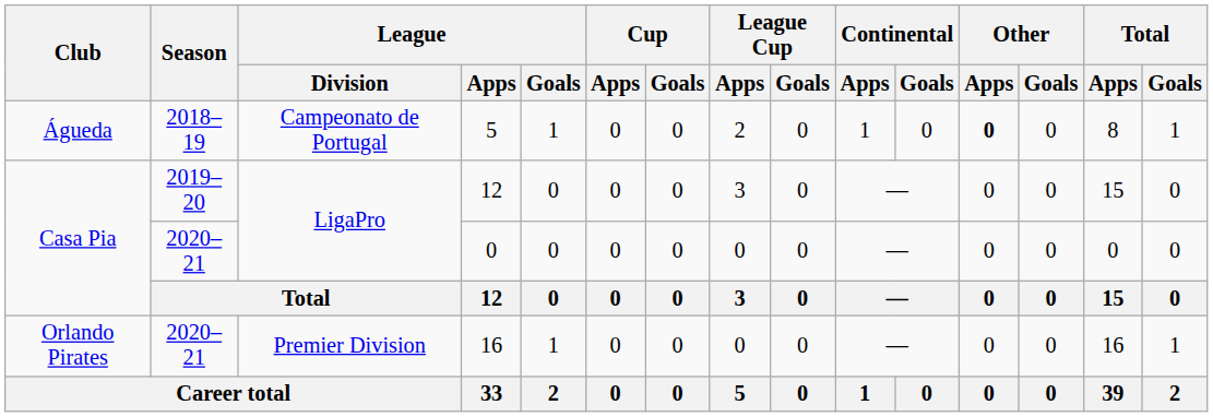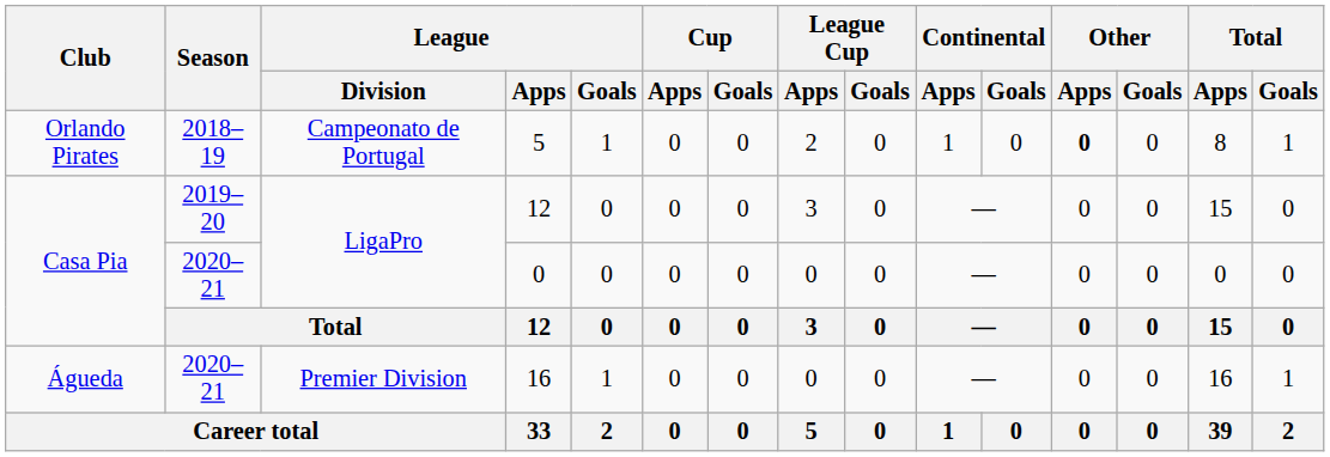 <table class="wikitable" style="text-align:center">
 <tr>
 <th rowspan="2">Club</th>
 <th rowspan="2">Season</th>
 <th colspan="3">League</th>
 <th colspan="2">Cup</th>
 <th colspan="2">League Cup</th>
 <th colspan="2">Continental</th>
 <th colspan="2">Other</th>
 <th colspan="2">Total</th>
 </tr>
 <tr>
 <th>Division</th>
 <th>Apps</th>
 <th>Goals</th>
 <th>Apps</th>
 <th>Goals</th>
 <th>Apps</th>
 <th>Goals</th>
 <th>Apps</th>
 <th>Goals</th>
 <th>Apps</th>
 <th>Goals</th>
 <th>Apps</th>
 <th>Goals</th>
 </tr>
 <tr>
-<td rowspan="1"><a href='#'>Águeda</a></td>
+<td rowspan="1"><a href='#'>Orlando Pirates</a></td>
 <td><a href='#'>2018–19</a></td>
 <td rowspan="1"><a href='#'>Campeonato de Portugal</a></td>
 <td>5</td>
 <td>1</td>
 <td>0</td>
 <td>0</td>
 <td>2</td>
 <td>0</td>
 <td>1</td>
 <td>0</td>
 <td><strong>0</strong></td>
 <td>0</td>
 <td>8</td>
 <td>1</td>
 </tr>
 <tr>
 <td rowspan="3"><a href='#'>Casa Pia</a></td>
 <td><a href='#'>2019–20</a></td>
 <td rowspan="2"><a href='#'>LigaPro</a></td>
 <td>12</td>
 <td>0</td>
 <td>0</td>
 <td>0</td>
 <td>3</td>
 <td>0</td>
 <td colspan="2">—</td>
 <td>0</td>
 <td>0</td>
 <td>15</td>
 <td>0</td>
 </tr>
 <tr>
 <td><a href='#'>2020–21</a></td>
 <td>0</td>
 <td>0</td>
 <td>0</td>
 <td>0</td>
 <td>0</td>
 <td>0</td>
 <td colspan="2">—</td>
 <td>0</td>
 <td>0</td>
 <td>0</td>
 <td>0</td>
 </tr>
 <tr>
 <th colspan="2">Total</th>
 <th>12</th>
 <th>0</th>
 <th>0</th>
 <th>0</th>
 <th>3</th>
 <th>0</th>
 <th colspan="2">—</th>
 <th>0</th>
 <th>0</th>
 <th>15</th>
 <th>0</th>
 </tr>
 <tr>
-<td rowspan="1"><a href='#'>Orlando Pirates</a></td>
+<td rowspan="1"><a href='#'>Águeda</a></td>
 <td><a href='#'>2020–21</a></td>
 <td rowspan="1"><a href='#'>Premier Division</a></td>
 <td>16</td>
 <td>1</td>
 <td>0</td>
 <td>0</td>
 <td>0</td>
 <td>0</td>
 <td colspan="2">—</td>
 <td>0</td>
 <td>0</td>
 <td>16</td>
 <td>1</td>
 </tr>
 <tr>
 <th colspan="3">Career total</th>
 <th>33</th>
 <th>2</th>
 <th>0</th>
 <th>0</th>
 <th>5</th>
 <th>0</th>
 <th>1</th>
 <th>0</th>
 <th>0</th>
 <th>0</th>
 <th>39</th>
 <th>2</th>
 </tr>
 </table>
